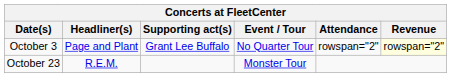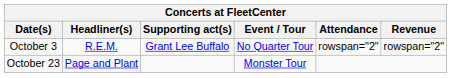 <table class="wikitable mw-collapsible mw-collapsed" style="text-align:center;">
 <tr>
 <th colspan="6">Concerts at FleetCenter</th>
 </tr>
 <tr>
 <th>Date(s)</th>
 <th>Headliner(s)</th>
 <th>Supporting act(s)</th>
 <th>Event / Tour</th>
 <th>Attendance</th>
 <th>Revenue</th>
 </tr>
 <tr>
 <td>October 3</td>
-<td><a href='#'>Page and Plant</a></td>
+<td><a href='#'>R.E.M.</a></td>
 <td><a href='#'>Grant Lee Buffalo</a></td>
 <td><a href='#'>No Quarter Tour</a></td>
 <td>rowspan="2" </td>
-<td style="background: lightyellow;">rowspan="2" </td>
+<td>rowspan="2" </td>
 </tr>
 <tr>
 <td>October 23</td>
-<td><a href='#'>R.E.M.</a></td>
+<td><a href='#'>Page and Plant</a></td>
 <td></td>
 <td><a href='#'>Monster Tour</a></td>
 </tr>
 </table>
